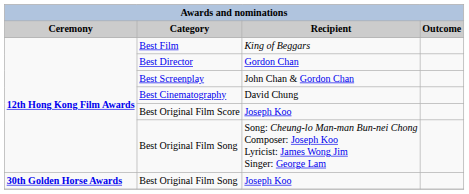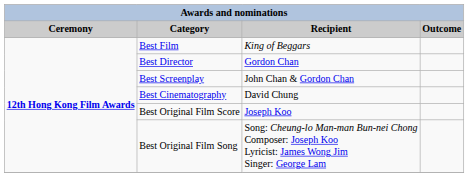 <table class="wikitable" style="font-size:95%;" ;>
 <tr style="background:#ccc; text-align:center;">
 <th colspan="4" style="background: LightSteelBlue;">Awards and nominations</th>
 </tr>
 <tr style="background:#ccc; text-align:center;">
 <th style="background:#ccc">Ceremony</th>
 <th style="background:#ccc">Category</th>
 <th style="background:#ccc">Recipient</th>
 <th style="background:#ccc">Outcome</th>
 </tr>
 <tr>
 <td rowspan=6><strong><a href='#'>12th Hong Kong Film Awards</a></strong></td>
 <td><a href='#'>Best Film</a></td>
 <td><em>King of Beggars</em></td>
 <td></td>
 </tr>
 <tr>
 <td><a href='#'>Best Director</a></td>
 <td><a href='#'>Gordon Chan</a></td>
 <td></td>
 </tr>
 <tr>
 <td><a href='#'>Best Screenplay</a></td>
 <td>John Chan & <a href='#'>Gordon Chan</a></td>
 <td></td>
 </tr>
 <tr>
 <td><a href='#'>Best Cinematography</a></td>
 <td>David Chung</td>
 <td></td>
 </tr>
 <tr>
 <td>Best Original Film Score</td>
 <td><a href='#'>Joseph Koo</a></td>
 <td></td>
 </tr>
 <tr>
 <td>Best Original Film Song</td>
 <td>Song: <em>Cheung-lo Man-man Bun-nei Chong</em><br>Composer: <a href='#'>Joseph Koo</a> <br>Lyricist: <a href='#'>James Wong Jim</a> <br>Singer: <a href='#'>George Lam</a></td>
 <td></td>
 </tr>
 <tr>
-<td rowspan=1><strong><a href='#'>30th Golden Horse Awards</a></strong></td>
-<td>Best Original Film Song</td>
-<td><a href='#'>Joseph Koo</a></td>
-<td></td>
-</tr>
-<tr>
 </tr>
 </table>
